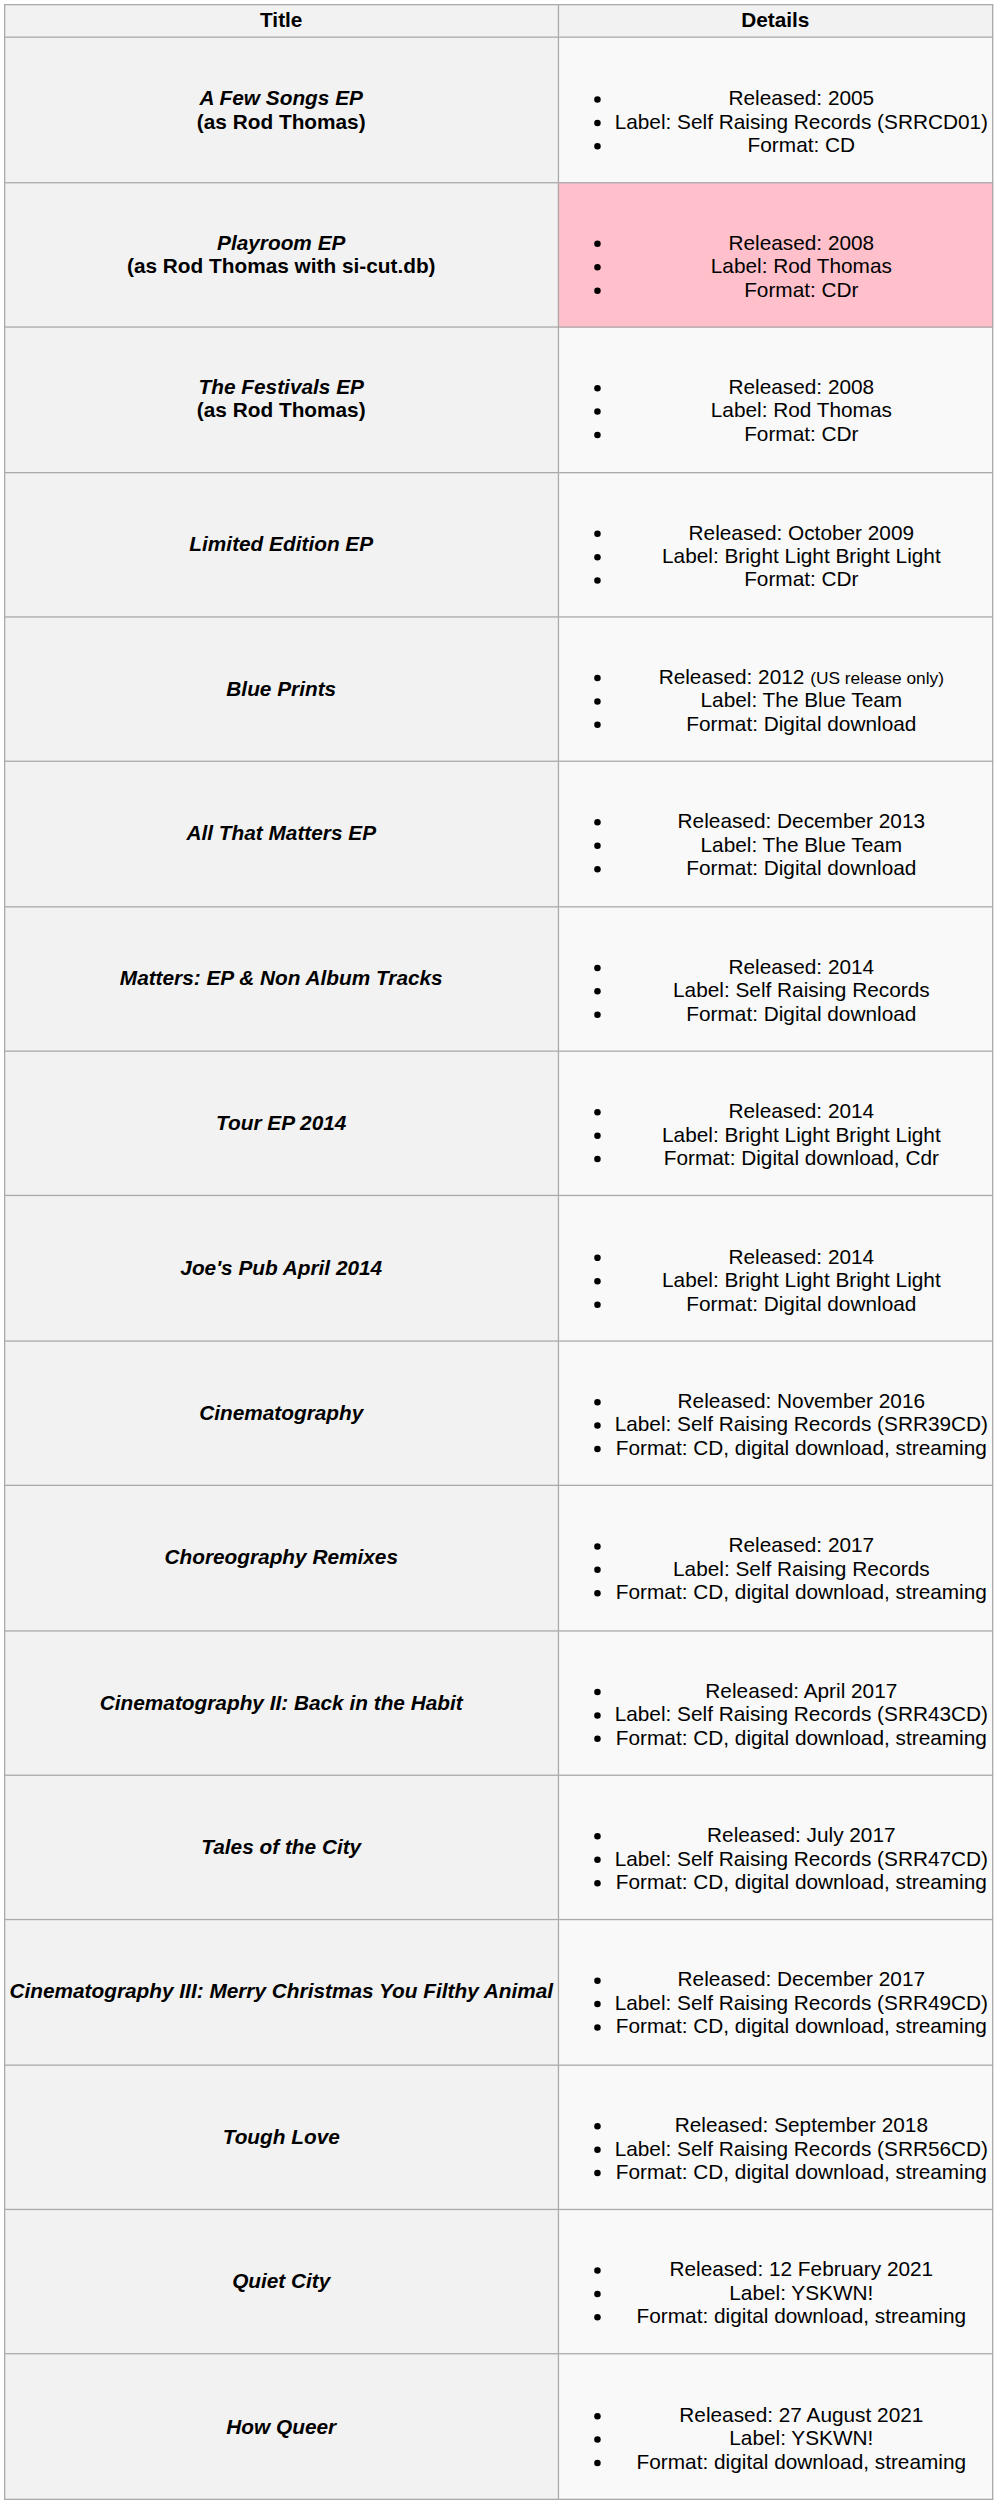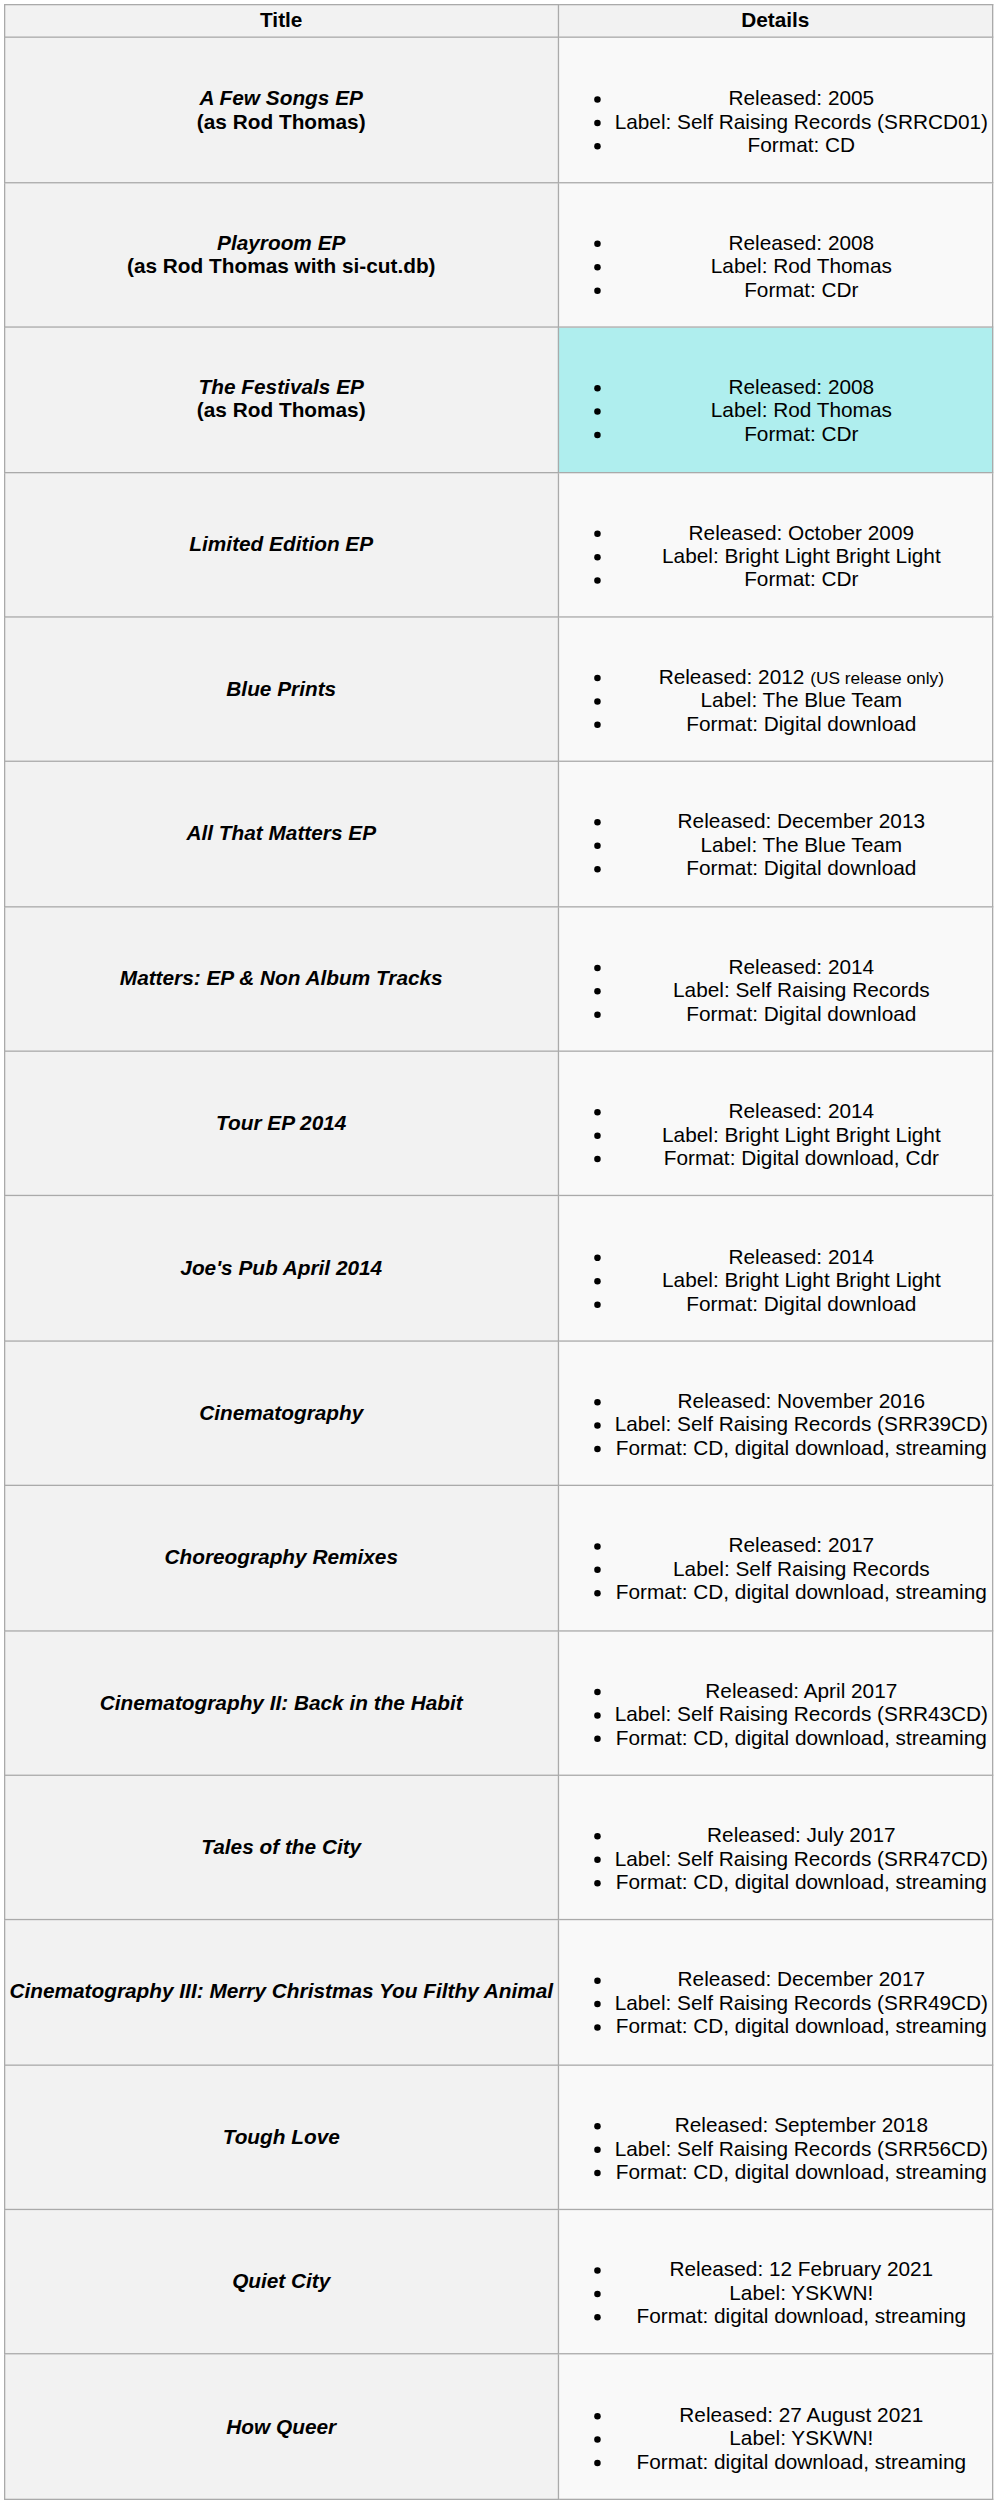 <table class="wikitable plainrowheaders" style="text-align:center;">
 <tr>
 <th scope="col">Title</th>
 <th scope="col">Details</th>
 </tr>
 <tr>
 <th scope="row"><em>A Few Songs EP</em> <br> (as Rod Thomas)</th>
 <td><br><ul><li>Released: 2005</li><li>Label: Self Raising Records (SRRCD01)</li><li>Format: CD</li></ul></td>
 </tr>
 <tr>
 <th scope="row"><em>Playroom EP</em> <br> (as Rod Thomas with si-cut.db)</th>
-<td style="background: pink;"><br><ul><li>Released: 2008</li><li>Label: Rod Thomas</li><li>Format: CDr</li></ul></td>
+<td><br><ul><li>Released: 2008</li><li>Label: Rod Thomas</li><li>Format: CDr</li></ul></td>
 </tr>
 <tr>
 <th scope="row"><em>The Festivals EP</em> <br> (as Rod Thomas)</th>
-<td><br><ul><li>Released: 2008</li><li>Label: Rod Thomas</li><li>Format: CDr</li></ul></td>
+<td style="background: paleturquoise;"><br><ul><li>Released: 2008</li><li>Label: Rod Thomas</li><li>Format: CDr</li></ul></td>
 </tr>
 <tr>
 <th scope="row"><em>Limited Edition EP</em></th>
 <td><br><ul><li>Released: October 2009</li><li>Label: Bright Light Bright Light</li><li>Format: CDr</li></ul></td>
 </tr>
 <tr>
 <th scope="row"><em>Blue Prints</em></th>
 <td><br><ul><li>Released: 2012 <small>(US release only)</small></li><li>Label: The Blue Team</li><li>Format: Digital download</li></ul></td>
 </tr>
 <tr>
 <th scope="row"><em>All That Matters EP</em></th>
 <td><br><ul><li>Released: December 2013</li><li>Label: The Blue Team</li><li>Format: Digital download</li></ul></td>
 </tr>
 <tr>
 <th scope="row"><em>Matters: EP & Non Album Tracks</em></th>
 <td><br><ul><li>Released: 2014</li><li>Label: Self Raising Records</li><li>Format: Digital download</li></ul></td>
 </tr>
 <tr>
 <th scope="row"><em>Tour EP 2014</em></th>
 <td><br><ul><li>Released: 2014</li><li>Label: Bright Light Bright Light</li><li>Format: Digital download, Cdr</li></ul></td>
 </tr>
 <tr>
 <th scope="row"><em>Joe's Pub April 2014</em></th>
 <td><br><ul><li>Released: 2014</li><li>Label: Bright Light Bright Light</li><li>Format: Digital download</li></ul></td>
 </tr>
 <tr>
 <th scope="row"><em>Cinematography</em></th>
 <td><br><ul><li>Released: November 2016</li><li>Label: Self Raising Records (SRR39CD)</li><li>Format: CD, digital download, streaming</li></ul></td>
 </tr>
 <tr>
 <th scope="row"><em>Choreography Remixes</em></th>
 <td><br><ul><li>Released: 2017</li><li>Label: Self Raising Records</li><li>Format: CD, digital download, streaming</li></ul></td>
 </tr>
 <tr>
 <th scope="row"><em>Cinematography II: Back in the Habit</em></th>
 <td><br><ul><li>Released: April 2017</li><li>Label: Self Raising Records (SRR43CD)</li><li>Format: CD, digital download, streaming</li></ul></td>
 </tr>
 <tr>
 <th scope="row"><em>Tales of the City</em></th>
 <td><br><ul><li>Released: July 2017</li><li>Label: Self Raising Records (SRR47CD)</li><li>Format: CD, digital download, streaming</li></ul></td>
 </tr>
 <tr>
 <th scope="row"><em>Cinematography III: Merry Christmas You Filthy Animal</em></th>
 <td><br><ul><li>Released: December 2017</li><li>Label: Self Raising Records (SRR49CD)</li><li>Format: CD, digital download, streaming</li></ul></td>
 </tr>
 <tr>
 <th scope="row"><em>Tough Love</em></th>
 <td><br><ul><li>Released: September 2018</li><li>Label: Self Raising Records (SRR56CD)</li><li>Format: CD, digital download, streaming</li></ul></td>
 </tr>
 <tr>
 <th scope="row"><em>Quiet City</em></th>
 <td><br><ul><li>Released: 12 February 2021</li><li>Label: YSKWN!</li><li>Format: digital download, streaming</li></ul></td>
 </tr>
 <tr>
 <th scope="row"><em>How Queer</em></th>
 <td><br><ul><li>Released: 27 August 2021</li><li>Label: YSKWN!</li><li>Format: digital download, streaming</li></ul></td>
 </tr>
 </table>
